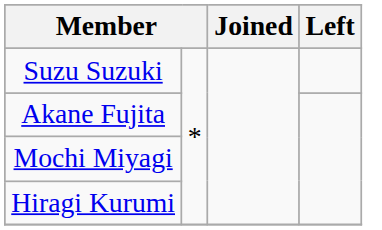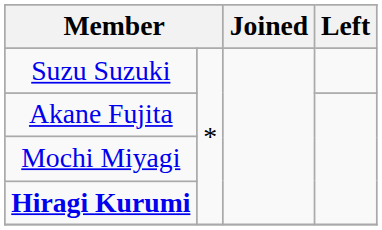 <table class="wikitable sortable" style="text-align:center;">
 <tr>
 <th colspan="2">Member</th>
 <th>Joined</th>
 <th>Left</th>
 </tr>
 <tr>
 <td><a href='#'>Suzu Suzuki</a></td>
 <td rowspan=4>*</td>
 <td rowspan=4></td>
 <td></td>
 </tr>
 <tr>
 <td><a href='#'>Akane Fujita</a></td>
 <td rowspan=3></td>
 </tr>
 <tr>
 <td><a href='#'>Mochi Miyagi</a></td>
 </tr>
 <tr>
-<td><a href='#'>Hiragi Kurumi</a></td>
+<td><strong><a href='#'>Hiragi Kurumi</a></strong></td>
 </tr>
 <tr>
 </tr>
 </table>
